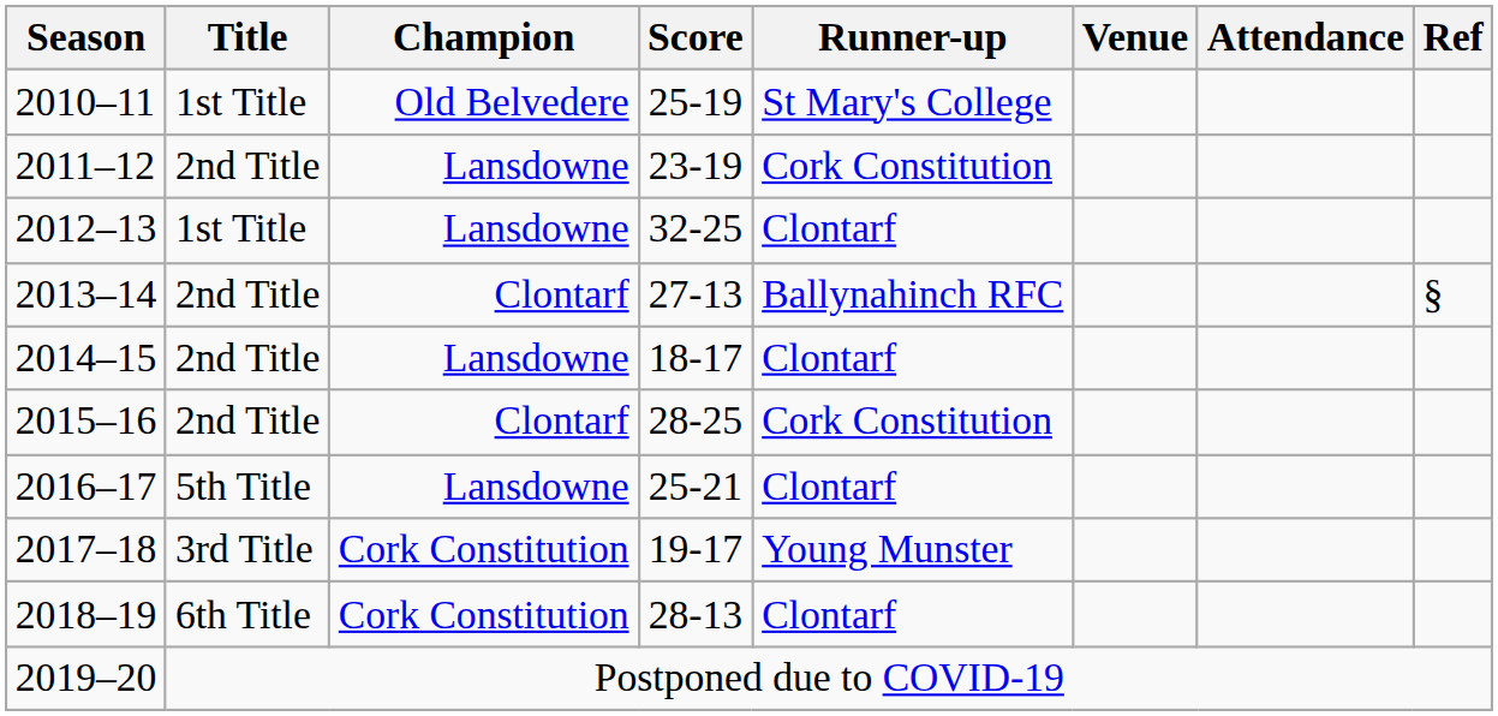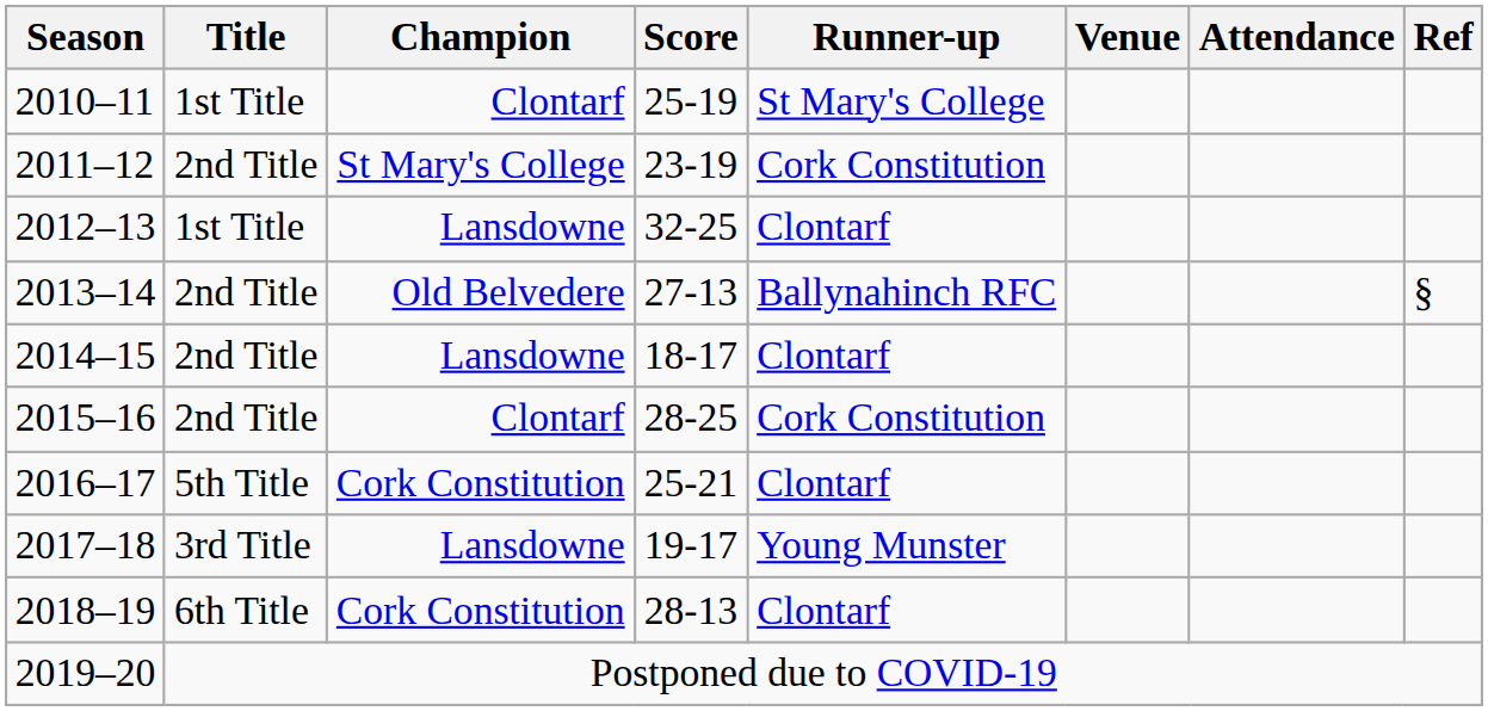 <table class="wikitable">
 <tr>
 <th>Season</th>
 <th>Title</th>
 <th> Champion</th>
 <th>Score</th>
 <th> Runner-up</th>
 <th>Venue</th>
 <th>Attendance</th>
 <th>Ref</th>
 </tr>
 <tr>
 <td>2010–11</td>
 <td>1st Title</td>
-<td style="text-align:right;"><a href='#'>Old Belvedere</a></td>
+<td style="text-align:right;"><a href='#'>Clontarf</a></td>
 <td style="text-align:center;">25-19</td>
 <td style="text-align:left;"><a href='#'>St Mary's College</a></td>
 <td></td>
 <td></td>
 <td></td>
 </tr>
 <tr>
 <td>2011–12</td>
 <td>2nd Title</td>
-<td style="text-align:right;"><a href='#'>Lansdowne</a></td>
+<td style="text-align:right;"><a href='#'>St Mary's College</a></td>
 <td style="text-align:center;">23-19</td>
 <td style="text-align:left;"><a href='#'>Cork Constitution</a></td>
 <td></td>
 <td></td>
 <td></td>
 </tr>
 <tr>
 <td>2012–13</td>
 <td>1st Title</td>
 <td style="text-align:right;"><a href='#'>Lansdowne</a></td>
 <td style="text-align:center;">32-25</td>
 <td style="text-align:left;"><a href='#'>Clontarf</a></td>
 <td></td>
 <td></td>
 <td></td>
 </tr>
 <tr>
 <td>2013–14</td>
 <td>2nd Title</td>
-<td style="text-align:right;"><a href='#'>Clontarf</a></td>
+<td style="text-align:right;"><a href='#'>Old Belvedere</a></td>
 <td style="text-align:center;">27-13</td>
 <td style="text-align:left;"><a href='#'>Ballynahinch RFC</a></td>
 <td></td>
 <td></td>
 <td>§</td>
 </tr>
 <tr>
 <td>2014–15</td>
 <td>2nd Title</td>
 <td style="text-align:right;"><a href='#'>Lansdowne</a></td>
 <td style="text-align:center;">18-17</td>
 <td style="text-align:left;"><a href='#'>Clontarf</a></td>
 <td></td>
 <td></td>
 <td></td>
 </tr>
 <tr>
 <td>2015–16</td>
 <td>2nd Title</td>
 <td style="text-align:right;"><a href='#'>Clontarf</a></td>
 <td style="text-align:center;">28-25</td>
 <td style="text-align:left;"><a href='#'>Cork Constitution</a></td>
 <td></td>
 <td></td>
 <td></td>
 </tr>
 <tr>
 <td>2016–17</td>
 <td>5th Title</td>
-<td style="text-align:right;"><a href='#'>Lansdowne</a></td>
+<td style="text-align:right;"><a href='#'>Cork Constitution</a></td>
 <td style="text-align:center;">25-21</td>
 <td style="text-align:left;"><a href='#'>Clontarf</a></td>
 <td></td>
 <td></td>
 <td></td>
 </tr>
 <tr>
 <td>2017–18</td>
 <td>3rd Title</td>
-<td style="text-align:right;"><a href='#'>Cork Constitution</a></td>
+<td style="text-align:right;"><a href='#'>Lansdowne</a></td>
 <td style="text-align:center;">19-17</td>
 <td style="text-align:left;"><a href='#'>Young Munster</a></td>
 <td></td>
 <td></td>
 <td></td>
 </tr>
 <tr>
 <td>2018–19</td>
 <td>6th Title</td>
 <td style="text-align:right;"><a href='#'>Cork Constitution</a></td>
 <td style="text-align:center;">28-13</td>
 <td style="text-align:left;"><a href='#'>Clontarf</a></td>
 <td></td>
 <td></td>
 <td></td>
 </tr>
 <tr>
 <td>2019–20</td>
 <td align=center colspan="7">Postponed due to <a href='#'>COVID-19</a></td>
 </tr>
 </table>
